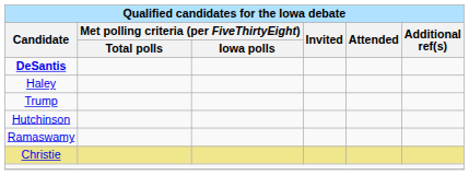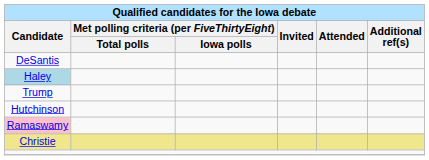 <table class="wikitable sortable collapsible" style="text-align:center;font-size:95%;line-height:16px;">
 <tr>
 <td colspan="8" style="color:black; vertical-align:top; text-align:center; background-color:#B0E2FF;" class="table-no"><strong>Qualified candidates for the Iowa debate</strong></td>
 </tr>
 <tr>
 <th rowspan=2>Candidate</th>
 <th colspan=2>Met polling criteria (per <em>FiveThirtyEight</em>)</th>
 <th rowspan=2>Invited</th>
 <th rowspan="2">Attended</th>
 <th rowspan="2" class="unsortable">Additional<br>ref(s)</th>
 </tr>
 <tr>
 <th>Total polls</th>
 <th>Iowa polls</th>
 </tr>
 <tr>
-<td><strong><a href='#'>DeSantis</a></strong></td>
+<td><a href='#'>DeSantis</a></td>
 <td><br></td>
 <td><br></td>
 <td></td>
 <td></td>
 <td></td>
 </tr>
 <tr>
-<td><a href='#'>Haley</a></td>
+<td style="background: lightblue;"><a href='#'>Haley</a></td>
 <td><br></td>
 <td><br></td>
 <td></td>
 <td></td>
 <td></td>
 </tr>
 <tr>
 <td><a href='#'>Trump</a></td>
 <td><br></td>
 <td><br></td>
 <td></td>
 <td></td>
 <td></td>
 </tr>
 <tr>
 <td><a href='#'>Hutchinson</a></td>
 <td><br></td>
 <td><br></td>
 <td></td>
 <td></td>
 <td></td>
 </tr>
 <tr>
-<td><a href='#'>Ramaswamy</a></td>
+<td style="background: pink;"><a href='#'>Ramaswamy</a></td>
 <td><br></td>
 <td><br></td>
 <td></td>
 <td></td>
 <td></td>
 </tr>
 <tr style="background:#f0e68c;">
 <td><a href='#'>Christie</a></td>
 <td><br></td>
 <td><br></td>
 <td></td>
 <td></td>
 <td></td>
 </tr>
 <tr>
 <td colspan="9" class="table-no" style="text-align:left;"></td>
 </tr>
 <tr>
 </tr>
 </table>
